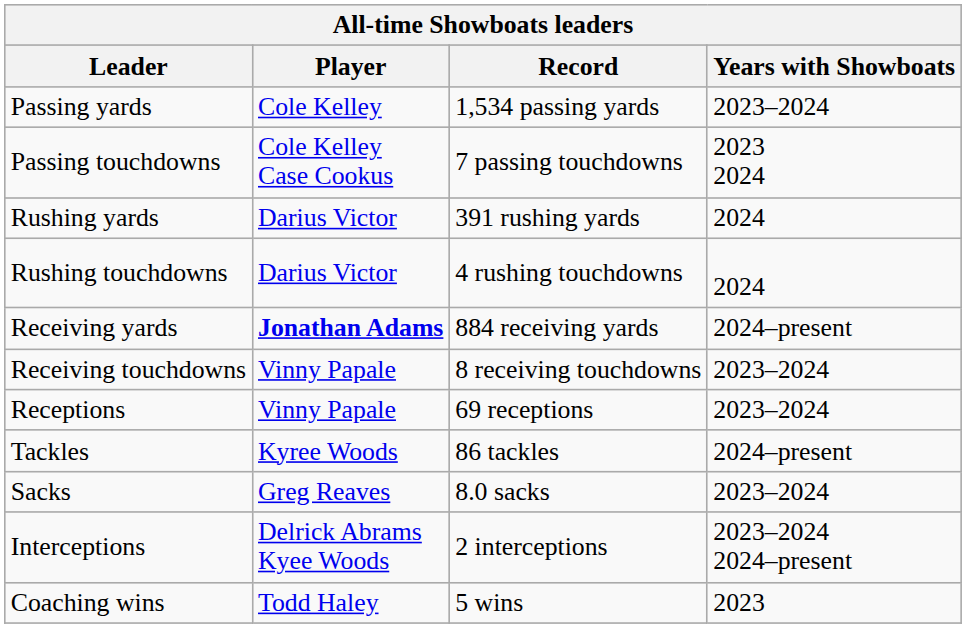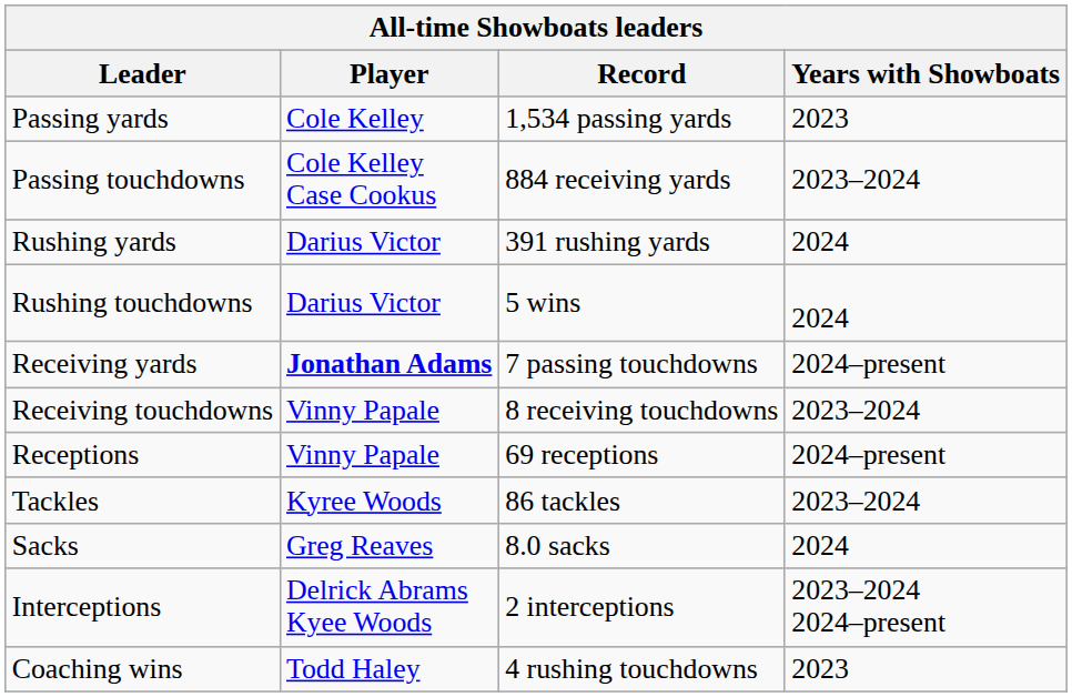 <table class="wikitable">
 <tr>
 <th colspan="5">All-time Showboats leaders</th>
 </tr>
 <tr>
 <th>Leader</th>
 <th>Player</th>
 <th>Record</th>
 <th>Years with Showboats</th>
 </tr>
 <tr>
 <td>Passing yards</td>
 <td><a href='#'>Cole Kelley</a></td>
 <td>1,534 passing yards</td>
-<td>2023–2024</td>
+<td>2023</td>
 </tr>
 <tr>
 <td>Passing touchdowns</td>
 <td><a href='#'>Cole Kelley</a><br><a href='#'>Case Cookus</a></td>
-<td>7 passing touchdowns</td>
-<td>2023<br>2024</td>
+<td>884 receiving yards</td>
+<td>2023–2024</td>
 </tr>
 <tr>
 <td>Rushing yards</td>
 <td><a href='#'>Darius Victor</a></td>
 <td>391 rushing yards</td>
 <td>2024</td>
 </tr>
 <tr>
 <td>Rushing touchdowns</td>
 <td><a href='#'>Darius Victor</a></td>
-<td>4 rushing touchdowns</td>
+<td>5 wins</td>
 <td><br>2024</td>
 </tr>
 <tr>
 <td>Receiving yards</td>
 <td><strong><a href='#'>Jonathan Adams</a></strong></td>
-<td>884 receiving yards</td>
+<td>7 passing touchdowns</td>
 <td>2024–present</td>
 </tr>
 <tr>
 <td>Receiving touchdowns</td>
 <td><a href='#'>Vinny Papale</a></td>
 <td>8 receiving touchdowns</td>
 <td>2023–2024</td>
 </tr>
 <tr>
 <td>Receptions</td>
 <td><a href='#'>Vinny Papale</a></td>
 <td>69 receptions</td>
-<td>2023–2024</td>
+<td>2024–present</td>
 </tr>
 <tr>
 <td>Tackles</td>
 <td><a href='#'>Kyree Woods</a></td>
 <td>86 tackles</td>
-<td>2024–present</td>
+<td>2023–2024</td>
 </tr>
 <tr>
 <td>Sacks</td>
 <td><a href='#'>Greg Reaves</a></td>
 <td>8.0 sacks</td>
-<td>2023–2024</td>
+<td>2024</td>
 </tr>
 <tr>
 <td>Interceptions</td>
 <td><a href='#'>Delrick Abrams</a><br><a href='#'>Kyee Woods</a></td>
 <td>2 interceptions</td>
 <td>2023–2024<br>2024–present</td>
 </tr>
 <tr>
 <td>Coaching wins</td>
 <td><a href='#'>Todd Haley</a></td>
-<td>5 wins</td>
+<td>4 rushing touchdowns</td>
 <td>2023</td>
 </tr>
 </table>
